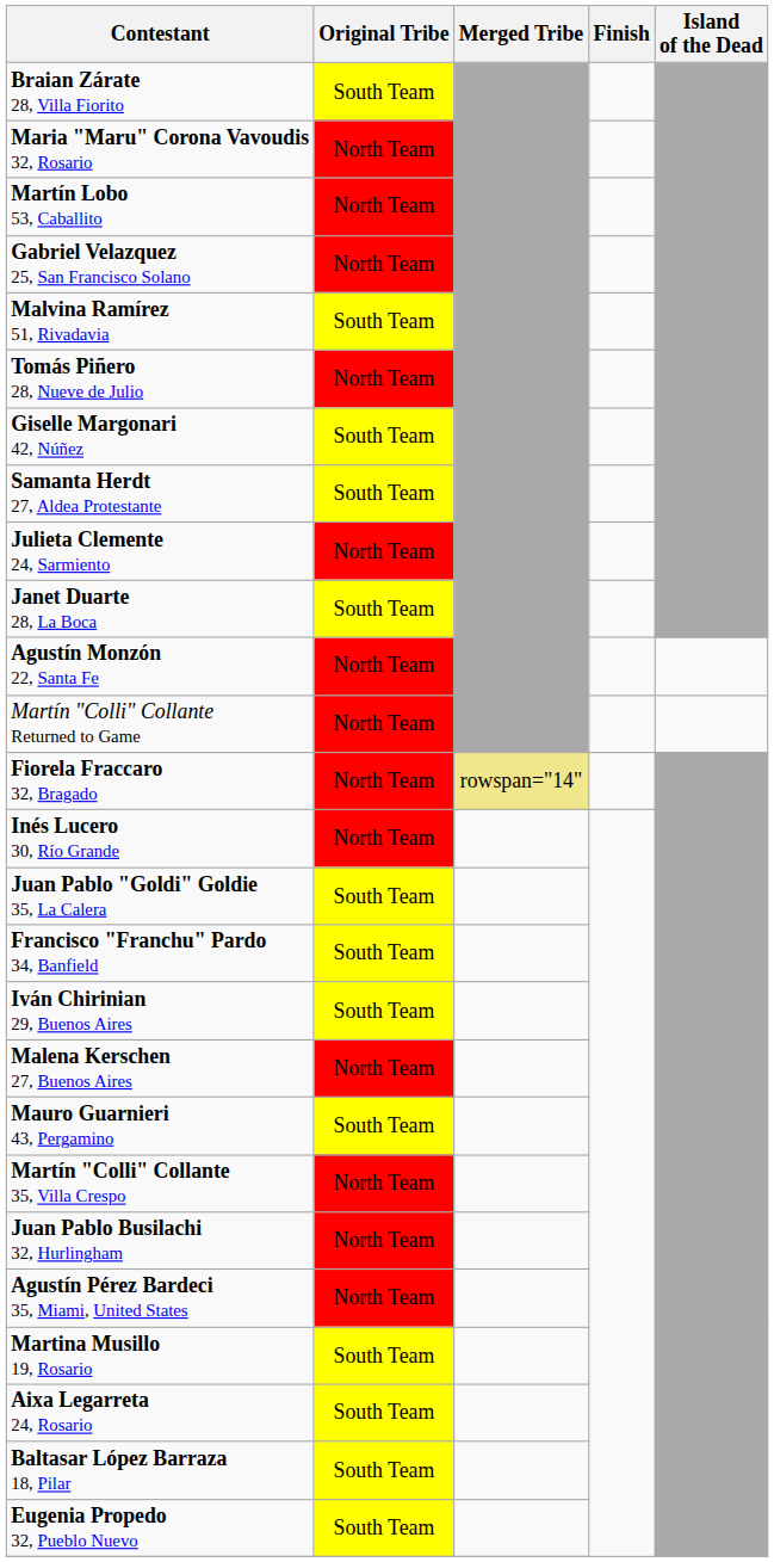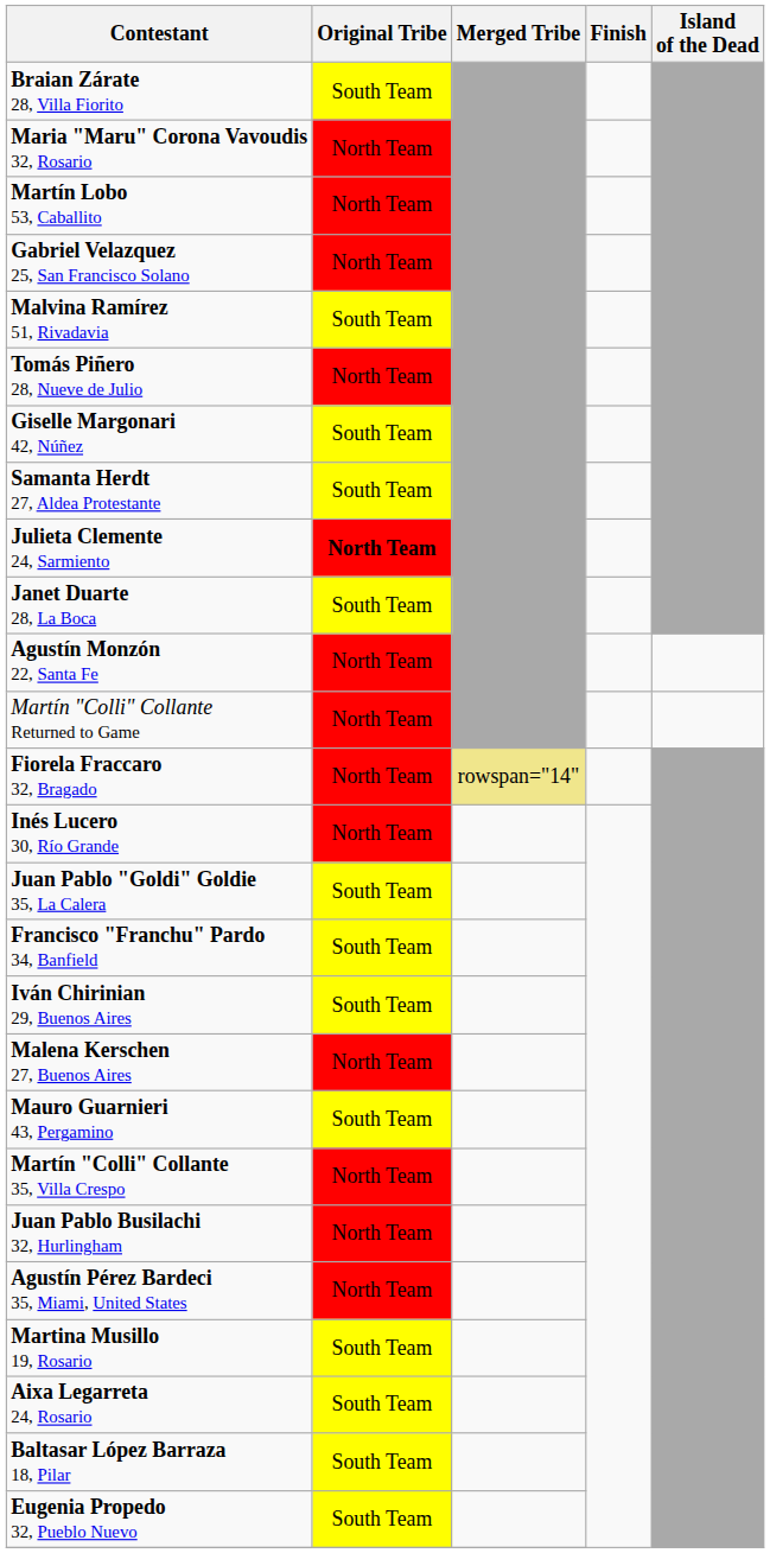 <table class="wikitable" style="margin:auto; text-align:center">
 <tr>
 <th>Contestant</th>
 <th>Original Tribe</th>
 <th>Merged Tribe</th>
 <th>Finish</th>
 <th>Island<br>of the Dead</th>
 </tr>
 <tr>
 <td style="text-align: left;"><strong>Braian Zárate</strong><br><small>28, <a href='#'>Villa Fiorito</a></small></td>
 <td bgcolor="yellow">South Team</td>
 <td rowspan="12" bgcolor="darkgray"></td>
 <td></td>
 <td rowspan="10" bgcolor="darkgray"></td>
 </tr>
 <tr>
 <td style="text-align: left;"><strong>Maria "Maru" Corona Vavoudis</strong><br><small>32, <a href='#'>Rosario</a></small></td>
 <td bgcolor="red">North Team</td>
 <td></td>
 </tr>
 <tr>
 <td style="text-align: left;"><strong>Martín Lobo</strong><br><small>53, <a href='#'>Caballito</a></small></td>
 <td bgcolor="red">North Team</td>
 <td></td>
 </tr>
 <tr>
 <td style="text-align: left;"><strong>Gabriel Velazquez</strong><br><small>25, <a href='#'>San Francisco Solano</a></small></td>
 <td bgcolor="red">North Team</td>
 <td></td>
 </tr>
 <tr>
 <td style="text-align: left;"><strong>Malvina Ramírez</strong><br><small>51, <a href='#'>Rivadavia</a></small></td>
 <td bgcolor="yellow">South Team</td>
 <td></td>
 </tr>
 <tr>
 <td style="text-align: left;"><strong>Tomás Piñero</strong><br><small>28, <a href='#'>Nueve de Julio</a></small></td>
 <td bgcolor="red">North Team</td>
 <td></td>
 </tr>
 <tr>
 <td style="text-align: left;"><strong>Giselle Margonari</strong><br><small>42, <a href='#'>Núñez</a></small></td>
 <td bgcolor="yellow">South Team </td>
 <td></td>
 </tr>
 <tr>
 <td style="text-align: left;"><strong>Samanta Herdt</strong><br><small>27, <a href='#'>Aldea Protestante</a></small></td>
 <td bgcolor="yellow">South Team</td>
 <td></td>
 </tr>
 <tr>
 <td style="text-align: left;"><strong>Julieta Clemente</strong><br><small>24, <a href='#'>Sarmiento</a></small></td>
-<td bgcolor="red">North Team</td>
+<td bgcolor="red"><strong>North Team</strong></td>
 <td></td>
 </tr>
 <tr>
 <td style="text-align: left;"><strong>Janet Duarte</strong><br><small>28, <a href='#'>La Boca</a></small></td>
 <td bgcolor="yellow">South Team</td>
 <td></td>
 </tr>
 <tr>
 <td style="text-align: left;"><strong>Agustín Monzón</strong><br><small>22, <a href='#'>Santa Fe</a></small></td>
 <td bgcolor="red">North Team</td>
 <td></td>
 <td></td>
 </tr>
 <tr>
 <td style="text-align: left;"><em>Martín "Colli" Collante</em><br><small>Returned to Game</small></td>
 <td bgcolor="red">North Team</td>
 <td></td>
 <td></td>
 </tr>
 <tr>
 <td style="text-align: left;"><strong>Fiorela Fraccaro</strong><br><small>32, <a href='#'>Bragado</a></small></td>
 <td bgcolor="red">North Team</td>
 <td style="background: khaki;">rowspan="14"  </td>
 <td></td>
 <td rowspan="55"  bgcolor="darkgrey"></td>
 </tr>
 <tr>
 <td style="text-align: left;"><strong>Inés Lucero</strong><br><small>30, <a href='#'>Río Grande</a></small></td>
 <td bgcolor="red">North Team </td>
 <td></td>
 </tr>
 <tr>
 <td style="text-align: left;"><strong>Juan Pablo "Goldi" Goldie</strong><br><small>35, <a href='#'>La Calera</a></small></td>
 <td bgcolor="yellow">South Team</td>
 <td></td>
 </tr>
 <tr>
 <td style="text-align: left;"><strong>Francisco "Franchu" Pardo</strong><br><small>34, <a href='#'>Banfield</a></small></td>
 <td bgcolor="yellow">South Team</td>
 <td></td>
 </tr>
 <tr>
 <td style="text-align: left;"><strong>Iván Chirinian</strong><br><small>29, <a href='#'>Buenos Aires</a></small></td>
 <td bgcolor="yellow">South Team</td>
 <td></td>
 </tr>
 <tr>
 <td style="text-align: left;"><strong>Malena Kerschen</strong><br><small>27, <a href='#'>Buenos Aires</a></small></td>
 <td bgcolor="red">North Team</td>
 <td></td>
 </tr>
 <tr>
 <td style="text-align: left;"><strong>Mauro Guarnieri</strong><br><small>43, <a href='#'>Pergamino</a></small></td>
 <td bgcolor="yellow">South Team</td>
 <td></td>
 </tr>
 <tr>
 <td style="text-align: left;"><strong>Martín "Colli" Collante</strong><br><small>35, <a href='#'>Villa Crespo</a></small></td>
 <td bgcolor="red">North Team</td>
 <td></td>
 </tr>
 <tr>
 <td style="text-align: left;"><strong>Juan Pablo Busilachi</strong><br><small>32, <a href='#'>Hurlingham</a></small></td>
 <td bgcolor="red">North Team</td>
 <td></td>
 </tr>
 <tr>
 <td style="text-align: left;"><strong>Agustín Pérez Bardeci</strong><br><small>35, <a href='#'>Miami</a>, <a href='#'>United States</a></small></td>
 <td bgcolor="red">North Team</td>
 <td></td>
 </tr>
 <tr>
 <td style="text-align: left;"><strong>Martina Musillo</strong><br><small>19, <a href='#'>Rosario</a></small></td>
 <td bgcolor="yellow">South Team</td>
 <td></td>
 </tr>
 <tr>
 <td style="text-align: left;"><strong>Aixa Legarreta</strong><br><small>24, <a href='#'>Rosario</a></small></td>
 <td bgcolor="yellow">South Team</td>
 <td></td>
 </tr>
 <tr>
 <td style="text-align: left;"><strong>Baltasar López Barraza</strong><br><small>18, <a href='#'>Pilar</a></small></td>
 <td bgcolor="yellow">South Team</td>
 <td></td>
 </tr>
 <tr>
 <td style="text-align: left;"><strong>Eugenia Propedo</strong><br><small>32, <a href='#'>Pueblo Nuevo</a></small></td>
 <td bgcolor="yellow">South Team </td>
 <td></td>
 </tr>
 <tr>
 </tr>
 </table>
